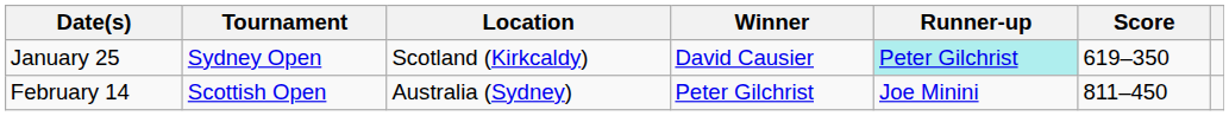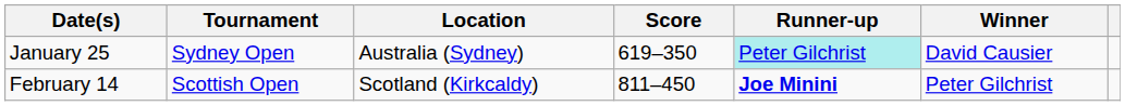 <table class="sortable wikitable plainrowheaders" style="width:100%; margin:1em auto 1em auto;">
 <tr>
 <th scope="col">Date(s)</th>
 <th scope="col">Tournament</th>
 <th scope="col">Location</th>
+<th scope="col" class="unsortable">Score</th>
+<th scope="col" class="unsortable">Runner-up</th>
 <th scope="col" class="unsortable">Winner</th>
-<th scope="col" class="unsortable">Runner-up</th>
-<th scope="col" class="unsortable">Score</th>
 <th scope="col" class="unsortable"></th>
 </tr>
 <tr>
 <td scope="row">January 25</td>
 <td><a href='#'>Sydney Open</a></td>
-<td>Scotland (<a href='#'>Kirkcaldy</a>)</td>
+<td>Australia (<a href='#'>Sydney</a>)</td>
+<td>619–350</td>
+<td style="background: paleturquoise;"><a href='#'>Peter Gilchrist</a></td>
 <td><a href='#'>David Causier</a></td>
-<td style="background: paleturquoise;"><a href='#'>Peter Gilchrist</a></td>
-<td>619–350</td>
 <td style="text-align:center;"></td>
 </tr>
 <tr>
 <td scope="row">February 14</td>
 <td><a href='#'>Scottish Open</a></td>
-<td>Australia (<a href='#'>Sydney</a>)</td>
+<td>Scotland (<a href='#'>Kirkcaldy</a>)</td>
+<td>811–450</td>
+<td><strong><a href='#'>Joe Minini</a></strong></td>
 <td><a href='#'>Peter Gilchrist</a></td>
-<td><a href='#'>Joe Minini</a></td>
-<td>811–450</td>
 <td style="text-align:center;"></td>
 </tr>
 </table>
